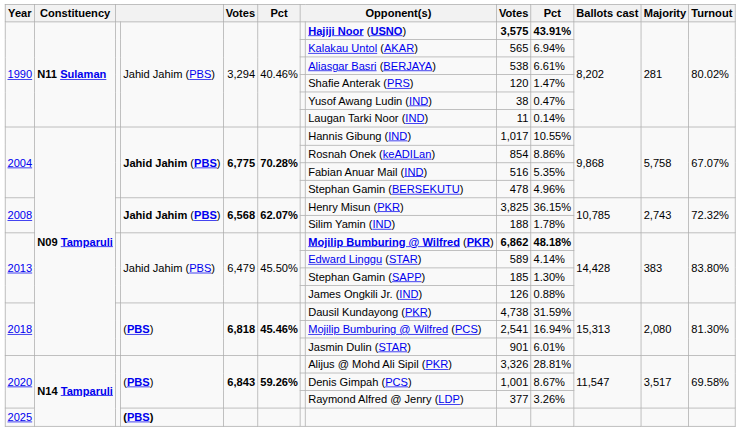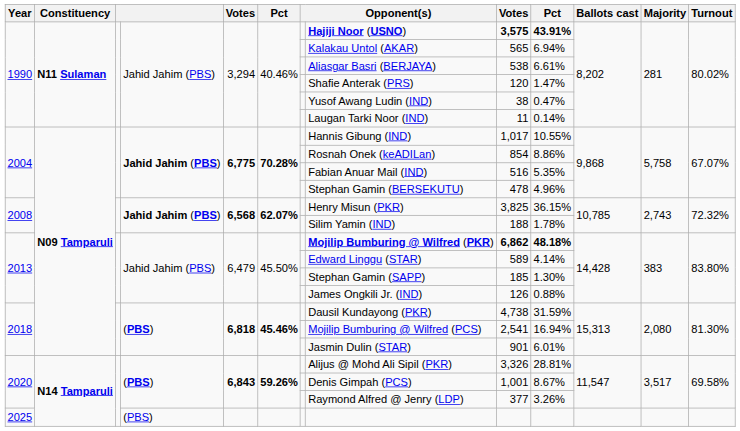 <table class="wikitable" style="margin:0.5em ; font-size:95%">
 <tr>
 <th>Year</th>
 <th>Constituency</th>
 <th colspan=2></th>
 <th>Votes</th>
 <th>Pct</th>
 <th colspan=2>Opponent(s)</th>
 <th>Votes</th>
 <th>Pct</th>
 <th>Ballots cast</th>
 <th>Majority</th>
 <th>Turnout</th>
 </tr>
 <tr>
 <td rowspan=6><a href='#'>1990</a></td>
 <td rowspan=6><strong>N11 <a href='#'>Sulaman</a></strong></td>
 <td rowspan=6 ></td>
 <td rowspan=6>Jahid Jahim (<a href='#'>PBS</a>)</td>
 <td rowspan=6 align="right">3,294</td>
 <td rowspan=6>40.46%</td>
 <td></td>
 <td><strong><a href='#'>Hajiji Noor</a></strong> (<a href='#'><strong>USNO</strong></a>)</td>
 <td align="right"><strong>3,575</strong></td>
 <td><strong>43.91%</strong></td>
 <td rowspan=6>8,202</td>
 <td rowspan=6>281</td>
 <td rowspan=6>80.02%</td>
 </tr>
 <tr>
 <td></td>
 <td><a href='#'>Kalakau Untol</a> (<a href='#'>AKAR</a>)</td>
 <td align="right">565</td>
 <td>6.94%</td>
 </tr>
 <tr>
 <td></td>
 <td><a href='#'>Aliasgar Basri</a> (<a href='#'>BERJAYA</a>)</td>
 <td align="right">538</td>
 <td>6.61%</td>
 </tr>
 <tr>
 <td></td>
 <td>Shafie Anterak (<a href='#'>PRS</a>)</td>
 <td align="right">120</td>
 <td>1.47%</td>
 </tr>
 <tr>
 <td></td>
 <td>Yusof Awang Ludin (<a href='#'>IND</a>)</td>
 <td align="right">38</td>
 <td>0.47%</td>
 </tr>
 <tr>
 <td></td>
 <td>Laugan Tarki Noor (<a href='#'>IND</a>)</td>
 <td align="right">11</td>
 <td>0.14%</td>
 </tr>
 <tr>
 <td rowspan=4><a href='#'>2004</a></td>
 <td rowspan=13><strong>N09 <a href='#'>Tamparuli</a></strong></td>
 <td rowspan=4 ></td>
 <td rowspan=4><strong>Jahid Jahim</strong> (<a href='#'><strong>PBS</strong></a>)</td>
 <td rowspan=4 align="right"><strong>6,775</strong></td>
 <td rowspan=4><strong>70.28%</strong></td>
 <td></td>
 <td>Hannis Gibung (<a href='#'>IND</a>)</td>
 <td align="right">1,017</td>
 <td>10.55%</td>
 <td rowspan=4>9,868</td>
 <td rowspan=4>5,758</td>
 <td rowspan=4>67.07%</td>
 </tr>
 <tr>
 <td></td>
 <td>Rosnah Onek (<a href='#'>keADILan</a>)</td>
 <td align="right">854</td>
 <td>8.86%</td>
 </tr>
 <tr>
 <td></td>
 <td>Fabian Anuar Mail (<a href='#'>IND</a>)</td>
 <td align="right">516</td>
 <td>5.35%</td>
 </tr>
 <tr>
 <td></td>
 <td>Stephan Gamin (<a href='#'>BERSEKUTU</a>)</td>
 <td align="right">478</td>
 <td>4.96%</td>
 </tr>
 <tr>
 <td rowspan=2><a href='#'>2008</a></td>
 <td rowspan=2 ></td>
 <td rowspan=2><strong>Jahid Jahim</strong> (<a href='#'><strong>PBS</strong></a>)</td>
 <td rowspan=2 align="right"><strong>6,568</strong></td>
 <td rowspan=2><strong>62.07%</strong></td>
 <td></td>
 <td>Henry Misun (<a href='#'>PKR</a>)</td>
 <td align="right">3,825</td>
 <td>36.15%</td>
 <td rowspan=2>10,785</td>
 <td rowspan=2>2,743</td>
 <td rowspan=2>72.32%</td>
 </tr>
 <tr>
 <td></td>
 <td>Silim Yamin (<a href='#'>IND</a>)</td>
 <td align="right">188</td>
 <td>1.78%</td>
 </tr>
 <tr>
 <td rowspan=4><a href='#'>2013</a></td>
 <td rowspan=4 ></td>
 <td rowspan=4>Jahid Jahim (<a href='#'>PBS</a>)</td>
 <td rowspan=4 align="right">6,479</td>
 <td rowspan=4>45.50%</td>
 <td></td>
 <td><strong><a href='#'>Mojilip Bumburing @ Wilfred</a></strong> (<a href='#'><strong>PKR</strong></a>)</td>
 <td align="right"><strong>6,862</strong></td>
 <td><strong>48.18%</strong></td>
 <td rowspan=4>14,428</td>
 <td rowspan=4>383</td>
 <td rowspan=4>83.80%</td>
 </tr>
 <tr>
 <td></td>
 <td><a href='#'>Edward Linggu</a> (<a href='#'>STAR</a>)</td>
 <td align="right">589</td>
 <td>4.14%</td>
 </tr>
 <tr>
 <td></td>
 <td>Stephan Gamin (<a href='#'>SAPP</a>)</td>
 <td align="right">185</td>
 <td>1.30%</td>
 </tr>
 <tr>
 <td></td>
 <td>James Ongkili Jr. (<a href='#'>IND</a>)</td>
 <td align="right">126</td>
 <td>0.88%</td>
 </tr>
 <tr>
 <td rowspan=3><a href='#'>2018</a></td>
 <td rowspan=3 ></td>
 <td rowspan=3> (<a href='#'><strong>PBS</strong></a>)</td>
 <td rowspan=3 align="right"><strong>6,818</strong></td>
 <td rowspan=3><strong>45.46%</strong></td>
 <td></td>
 <td>Dausil Kundayong (<a href='#'>PKR</a>)</td>
 <td align="right">4,738</td>
 <td>31.59%</td>
 <td rowspan=3>15,313</td>
 <td rowspan=3>2,080</td>
 <td rowspan=3>81.30%</td>
 </tr>
 <tr>
 <td></td>
 <td><a href='#'>Mojilip Bumburing @ Wilfred</a> (<a href='#'>PCS</a>)</td>
 <td align="right">2,541</td>
 <td>16.94%</td>
 </tr>
 <tr>
 <td></td>
 <td>Jasmin Dulin (<a href='#'>STAR</a>)</td>
 <td align="right">901</td>
 <td>6.01%</td>
 </tr>
 <tr>
 <td rowspan=3><a href='#'>2020</a></td>
 <td rowspan=4><strong>N14 <a href='#'>Tamparuli</a></strong></td>
 <td rowspan=4 ></td>
 <td rowspan=3> (<a href='#'><strong>PBS</strong></a>)</td>
 <td rowspan=3 align="right"><strong>6,843</strong></td>
 <td rowspan=3><strong>59.26%</strong></td>
 <td></td>
 <td>Alijus @ Mohd Ali Sipil (<a href='#'>PKR</a>)</td>
 <td align="right">3,326</td>
 <td>28.81%</td>
 <td rowspan=3>11,547</td>
 <td rowspan=3>3,517</td>
 <td rowspan=3>69.58%</td>
 </tr>
 <tr>
 <td></td>
 <td>Denis Gimpah (<a href='#'>PCS</a>)</td>
 <td align="right">1,001</td>
 <td>8.67%</td>
 </tr>
 <tr>
 <td></td>
 <td>Raymond Alfred @ Jenry (<a href='#'>LDP</a>)</td>
 <td align="right">377</td>
 <td>3.26%</td>
 </tr>
 <tr>
 <td><a href='#'>2025</a></td>
-<td><strong> (<a href='#'>PBS</a>)</strong></td>
+<td> (<a href='#'>PBS</a>)</td>
 <td></td>
 <td></td>
 <td></td>
 <td></td>
 <td></td>
 <td></td>
 <td></td>
 <td></td>
 <td></td>
 </tr>
 </table>
